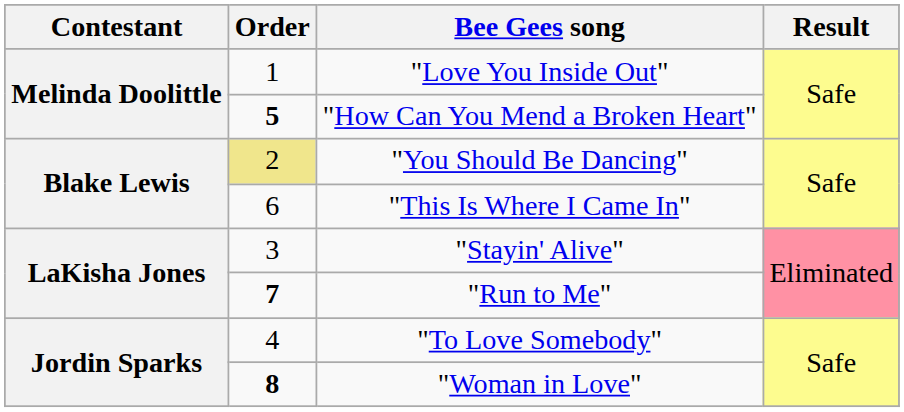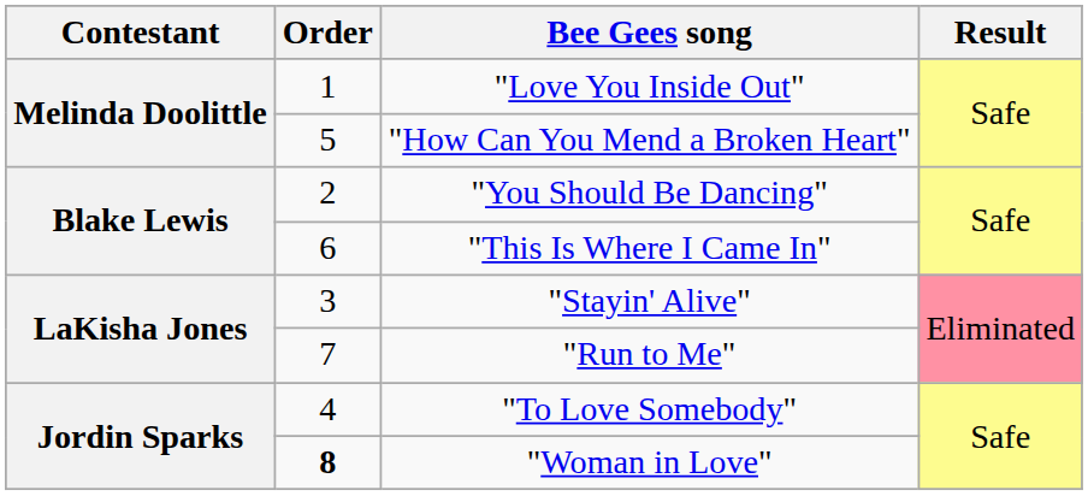 <table class="wikitable unsortable" style="text-align:center;">
 <tr>
 <th scope="col">Contestant</th>
 <th scope="col">Order</th>
 <th scope="col"><a href='#'>Bee Gees</a> song</th>
 <th scope="col">Result</th>
 </tr>
 <tr>
 <th scope="row" rowspan="2">Melinda Doolittle</th>
 <td>1</td>
 <td>"<a href='#'>Love You Inside Out</a>"</td>
 <td rowspan="2" style="background:#FDFC8F">Safe</td>
 </tr>
 <tr>
-<td><strong>5</strong></td>
+<td>5</td>
 <td>"<a href='#'>How Can You Mend a Broken Heart</a>"</td>
 </tr>
 <tr>
 <th scope="row" rowspan="2">Blake Lewis</th>
-<td style="background: khaki;">2</td>
+<td>2</td>
 <td>"<a href='#'>You Should Be Dancing</a>"</td>
 <td rowspan="2" style="background:#FDFC8F">Safe</td>
 </tr>
 <tr>
 <td>6</td>
 <td>"<a href='#'>This Is Where I Came In</a>"</td>
 </tr>
 <tr>
 <th scope="row" rowspan="2">LaKisha Jones</th>
 <td>3</td>
 <td>"<a href='#'>Stayin' Alive</a>"</td>
 <td rowspan="2" bgcolor="FF91A4">Eliminated</td>
 </tr>
 <tr>
-<td><strong>7</strong></td>
+<td>7</td>
 <td>"<a href='#'>Run to Me</a>"</td>
 </tr>
 <tr>
 <th scope="row" rowspan="2">Jordin Sparks</th>
 <td>4</td>
 <td>"<a href='#'>To Love Somebody</a>"</td>
 <td rowspan="2" style="background:#FDFC8F">Safe</td>
 </tr>
 <tr>
 <td><strong>8</strong></td>
 <td>"<a href='#'>Woman in Love</a>"</td>
 </tr>
 </table>
